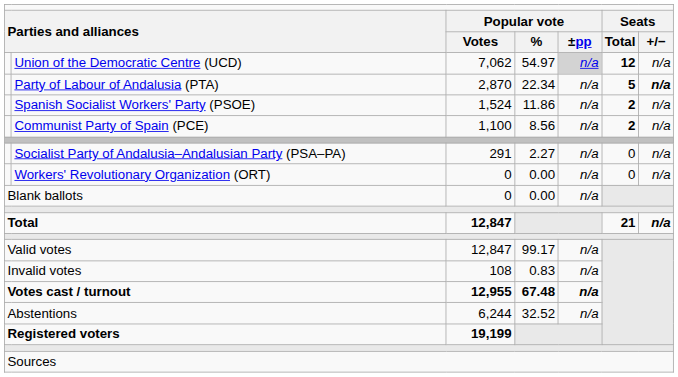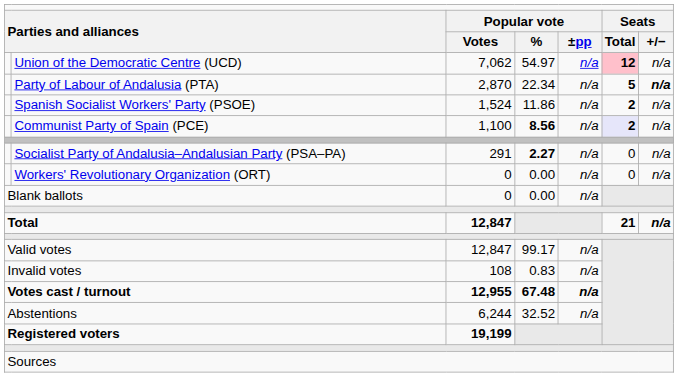 <table class="wikitable" style="text-align:right;">
 <tr>
 <td colspan="7"></td>
 </tr>
 <tr>
 <th style="text-align:left;" rowspan="2" colspan="2" width="525">Parties and alliances</th>
 <th colspan="3">Popular vote</th>
 <th colspan="2">Seats</th>
 </tr>
 <tr>
 <th width="75">Votes</th>
 <th width="45">%</th>
 <th width="45">±<a href='#'>pp</a></th>
 <th width="35">Total</th>
 <th width="35">+/−</th>
 </tr>
 <tr>
 <td width="1" style="color:inherit;background:"></td>
 <td align="left"><a href='#'>Union of the Democratic Centre</a> (UCD)</td>
 <td>7,062</td>
 <td>54.97</td>
-<td style="background: lightgrey;"><em><a href='#'>n/a</a></em></td>
-<td><strong>12</strong></td>
+<td><em><a href='#'>n/a</a></em></td>
+<td style="background: pink;"><strong>12</strong></td>
 <td><em>n/a</em></td>
 </tr>
 <tr>
 <td style="color:inherit;background:"></td>
 <td align="left"><a href='#'>Party of Labour of Andalusia</a> (PTA)</td>
 <td>2,870</td>
 <td>22.34</td>
 <td><em>n/a</em></td>
 <td><strong>5</strong></td>
 <td><strong><em>n/a</em></strong></td>
 </tr>
 <tr>
 <td style="color:inherit;background:"></td>
 <td align="left"><a href='#'>Spanish Socialist Workers' Party</a> (PSOE)</td>
 <td>1,524</td>
 <td>11.86</td>
 <td><em>n/a</em></td>
 <td><strong>2</strong></td>
 <td><em>n/a</em></td>
 </tr>
 <tr>
 <td style="color:inherit;background:"></td>
 <td align="left"><a href='#'>Communist Party of Spain</a> (PCE)</td>
 <td>1,100</td>
-<td>8.56</td>
+<td><strong>8.56</strong></td>
 <td><em>n/a</em></td>
-<td><strong>2</strong></td>
+<td style="background: lavender;"><strong>2</strong></td>
 <td><em>n/a</em></td>
 </tr>
 <tr>
 <td colspan="7" bgcolor="#C0C0C0"></td>
 </tr>
 <tr>
 <td style="color:inherit;background:"></td>
 <td align="left"><a href='#'>Socialist Party of Andalusia–Andalusian Party</a> (PSA–PA)</td>
 <td>291</td>
-<td>2.27</td>
+<td><strong>2.27</strong></td>
 <td><em>n/a</em></td>
 <td>0</td>
 <td><em>n/a</em></td>
 </tr>
 <tr>
 <td style="color:inherit;background:"></td>
 <td align="left"><a href='#'>Workers' Revolutionary Organization</a> (ORT)</td>
 <td>0</td>
 <td>0.00</td>
 <td><em>n/a</em></td>
 <td>0</td>
 <td><em>n/a</em></td>
 </tr>
 <tr>
 <td align="left" colspan="2">Blank ballots</td>
 <td>0</td>
 <td>0.00</td>
 <td><em>n/a</em></td>
 <td bgcolor="#E9E9E9" colspan="2"></td>
 </tr>
 <tr>
 <td colspan="7" bgcolor="#E9E9E9"></td>
 </tr>
 <tr style="font-weight:bold;">
 <td align="left" colspan="2">Total</td>
 <td>12,847</td>
 <td bgcolor="#E9E9E9" colspan="2"></td>
 <td>21</td>
 <td><em>n/a</em></td>
 </tr>
 <tr>
 <td colspan="7" bgcolor="#E9E9E9"></td>
 </tr>
 <tr>
 <td align="left" colspan="2">Valid votes</td>
 <td>12,847</td>
 <td>99.17</td>
 <td><em>n/a</em></td>
 <td bgcolor="#E9E9E9" colspan="2" rowspan="5"></td>
 </tr>
 <tr>
 <td align="left" colspan="2">Invalid votes</td>
 <td>108</td>
 <td>0.83</td>
 <td><em>n/a</em></td>
 </tr>
 <tr style="font-weight:bold;">
 <td align="left" colspan="2">Votes cast / turnout</td>
 <td>12,955</td>
 <td>67.48</td>
 <td><em>n/a</em></td>
 </tr>
 <tr>
 <td align="left" colspan="2">Abstentions</td>
 <td>6,244</td>
 <td>32.52</td>
 <td><em>n/a</em></td>
 </tr>
 <tr style="font-weight:bold;">
 <td align="left" colspan="2">Registered voters</td>
 <td>19,199</td>
 <td bgcolor="#E9E9E9" colspan="2"></td>
 </tr>
 <tr>
 <td colspan="7" bgcolor="#E9E9E9"></td>
 </tr>
 <tr>
 <td align="left" colspan="7">Sources</td>
 </tr>
 </table>
